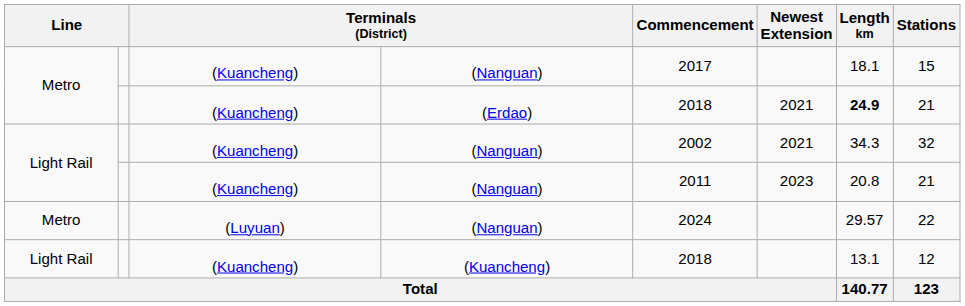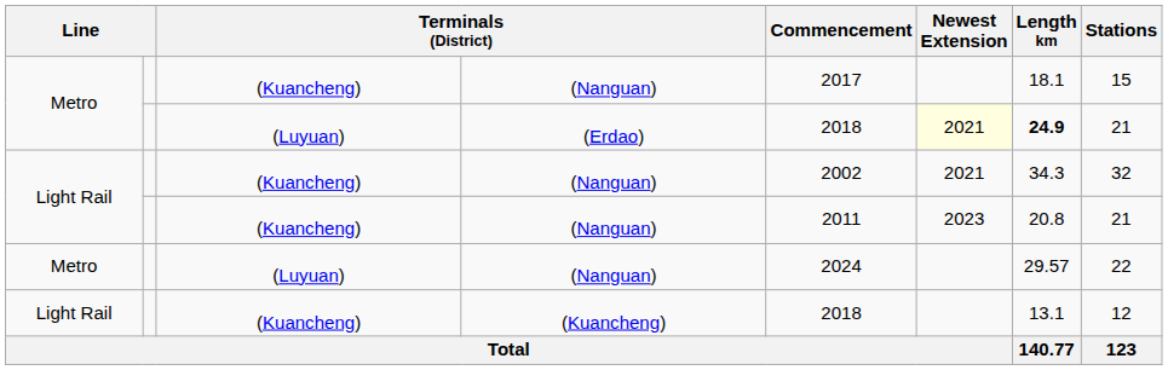 <table class="wikitable " style="cell-padding:1.5; font-size:96%; text-align:center;">
 <tr>
 <th colspan="2" data-sort-type="text" style="width:120px;">Line</th>
 <th colspan="2" class="unsortable" style="width:500px; line-height:1.05">Terminals<br><small>(District)</small></th>
 <th>Commencement</th>
 <th>Newest<br>Extension</th>
 <th style="line-height:1.05">Length<br><small>km</small></th>
 <th style="line-height:1.05">Stations</th>
 </tr>
 <tr>
 <td rowspan="2" style="text-align:center; line-height:1.05">Metro</td>
 <td style="text-align:center; line-height:1.05"></td>
 <td style="text-align:center; width:250px; line-height:1.05"><strong></strong><br>(<a href='#'>Kuancheng</a>)</td>
 <td style="text-align:center; width:250px; line-height:1.05"><strong></strong><br>(<a href='#'>Nanguan</a>)</td>
 <td>2017</td>
 <td></td>
 <td>18.1</td>
 <td>15</td>
 </tr>
 <tr>
 <td style="text-align:center; line-height:1.05"></td>
-<td style="text-align:center; width:250px; line-height:1.05"><strong></strong><br>(<a href='#'>Kuancheng</a>)</td>
+<td style="text-align:center; width:250px; line-height:1.05"><strong></strong><br>(<a href='#'>Luyuan</a>)</td>
 <td style="text-align:center; width:250px; line-height:1.05"><strong></strong><br>(<a href='#'>Erdao</a>)</td>
 <td>2018</td>
-<td>2021</td>
+<td style="background: lightyellow;">2021</td>
 <td><strong>24.9</strong></td>
 <td>21</td>
 </tr>
 <tr>
 <td rowspan="2" style="text-align:center; line-height:1.05">Light Rail</td>
 <td style="text-align:center; line-height:1.05"></td>
 <td style="text-align:center; width:250px; line-height:1.05"><strong></strong><br>(<a href='#'>Kuancheng</a>)</td>
 <td style="text-align:center; width:250px; line-height:1.05"><strong></strong><br>(<a href='#'>Nanguan</a>)</td>
 <td style="text-align:center; line-height:1.05">2002</td>
 <td style="text-align:center; line-height:1.05">2021</td>
 <td style="text-align:center; line-height:1.05">34.3</td>
 <td style="text-align:center; line-height:1.05">32</td>
 </tr>
 <tr>
 <td style="text-align:center; line-height:1.05"></td>
 <td style="text-align:center; width:250px; line-height:1.05"><strong></strong><br>(<a href='#'>Kuancheng</a>)</td>
 <td style="text-align:center; width:250px; line-height:1.05"><strong></strong><br>(<a href='#'>Nanguan</a>)</td>
 <td>2011</td>
 <td>2023</td>
 <td>20.8</td>
 <td>21</td>
 </tr>
 <tr>
 <td rowspan="1" style="text-align:center; line-height:1.05">Metro</td>
 <td style="text-align:center; line-height:1.05"></td>
 <td style="text-align:center; line-height:1.05"><strong></strong><br>(<a href='#'>Luyuan</a>)</td>
 <td style="text-align:center; line-height:1.05"><strong></strong><br>(<a href='#'>Nanguan</a>)</td>
 <td>2024</td>
 <td></td>
 <td>29.57</td>
 <td>22</td>
 </tr>
 <tr>
 <td style="text-align:center; line-height:1.05">Light Rail</td>
 <td style="text-align:center; line-height:1.05"></td>
 <td style="text-align:center; width:250px; line-height:1.05"><strong></strong><br>(<a href='#'>Kuancheng</a>)</td>
 <td style="text-align:center; width:250px; line-height:1.05"><strong></strong><br>(<a href='#'>Kuancheng</a>)</td>
 <td>2018</td>
 <td></td>
 <td>13.1</td>
 <td>12</td>
 </tr>
 <tr class="sortbottom">
 <th style="text-align:center; line-height:1.05" colspan="6">Total</th>
 <th style="text-align:center; line-height:1.05">140.77</th>
 <th style="text-align:center; line-height:1.05">123</th>
 </tr>
 </table>
